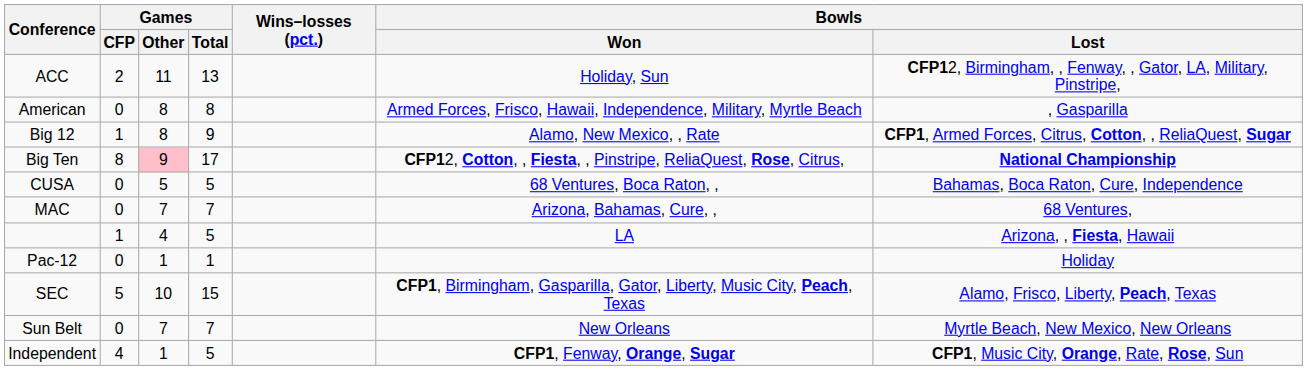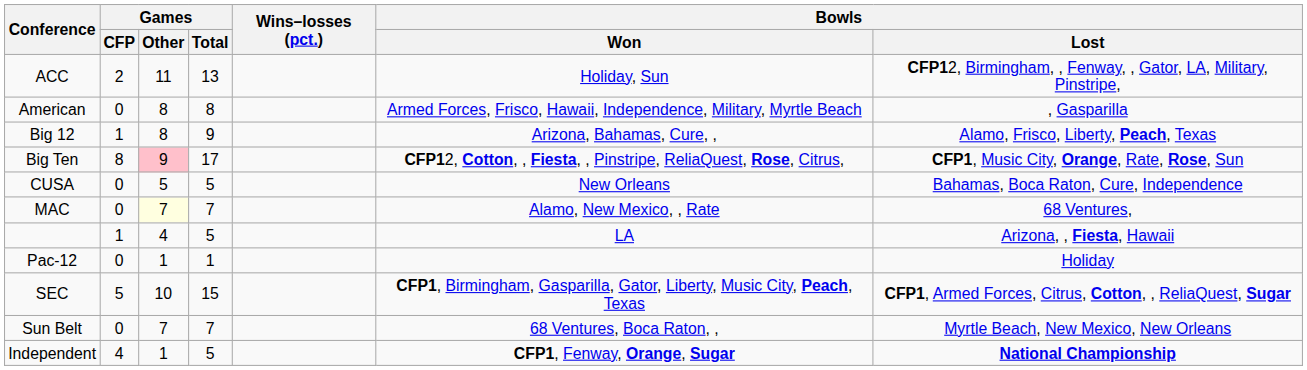 <table class="wikitable sortable" style="text-align:center; font-size: 95%;">
 <tr>
 <th rowspan=2>Conference</th>
 <th colspan=3>Games</th>
 <th rowspan=2>Wins–losses (<a href='#'>pct.</a>)</th>
 <th colspan=3>Bowls</th>
 </tr>
 <tr>
 <th>CFP</th>
 <th>Other</th>
 <th>Total</th>
 <th class=unsortable>Won</th>
 <th class=unsortable>Lost</th>
 </tr>
 <tr>
 <td>ACC</td>
 <td>2</td>
 <td>11</td>
 <td>13</td>
 <td></td>
 <td><a href='#'>Holiday</a>, <a href='#'>Sun</a></td>
 <td><strong>CFP1</strong>2, <a href='#'>Birmingham</a>, , <a href='#'>Fenway</a>, , <a href='#'>Gator</a>, <a href='#'>LA</a>, <a href='#'>Military</a>, <a href='#'>Pinstripe</a>, </td>
 </tr>
 <tr>
 <td>American</td>
 <td>0</td>
 <td>8</td>
 <td>8</td>
 <td></td>
 <td><a href='#'>Armed Forces</a>, <a href='#'>Frisco</a>, <a href='#'>Hawaii</a>, <a href='#'>Independence</a>, <a href='#'>Military</a>, <a href='#'>Myrtle Beach</a></td>
 <td>, <a href='#'>Gasparilla</a></td>
 </tr>
 <tr>
 <td>Big 12</td>
 <td>1</td>
 <td>8</td>
 <td>9</td>
 <td></td>
-<td><a href='#'>Alamo</a>, <a href='#'>New Mexico</a>, , <a href='#'>Rate</a></td>
-<td><strong>CFP1</strong>, <a href='#'>Armed Forces</a>, <a href='#'>Citrus</a>, <strong><a href='#'>Cotton</a></strong>, , <a href='#'>ReliaQuest</a>, <strong><a href='#'>Sugar</a></strong></td>
+<td><a href='#'>Arizona</a>, <a href='#'>Bahamas</a>, <a href='#'>Cure</a>, , </td>
+<td><a href='#'>Alamo</a>, <a href='#'>Frisco</a>, <a href='#'>Liberty</a>, <strong><a href='#'>Peach</a></strong>, <a href='#'>Texas</a></td>
 </tr>
 <tr>
 <td>Big Ten</td>
 <td>8</td>
 <td style="background: pink;">9</td>
 <td>17</td>
 <td></td>
 <td><strong>CFP1</strong>2, <strong><a href='#'>Cotton</a></strong>, , <strong><a href='#'>Fiesta</a></strong>, , <a href='#'>Pinstripe</a>, <a href='#'>ReliaQuest</a>, <strong><a href='#'>Rose</a></strong>, <a href='#'>Citrus</a>, </td>
-<td><strong><a href='#'>National Championship</a></strong></td>
+<td><strong>CFP1</strong>, <a href='#'>Music City</a>, <strong><a href='#'>Orange</a></strong>, <a href='#'>Rate</a>, <strong><a href='#'>Rose</a></strong>, <a href='#'>Sun</a></td>
 </tr>
 <tr>
 <td>CUSA</td>
 <td>0</td>
 <td>5</td>
 <td>5</td>
 <td></td>
-<td><a href='#'>68 Ventures</a>, <a href='#'>Boca Raton</a>, , </td>
+<td><a href='#'>New Orleans</a></td>
 <td><a href='#'>Bahamas</a>, <a href='#'>Boca Raton</a>, <a href='#'>Cure</a>, <a href='#'>Independence</a></td>
 </tr>
 <tr>
 <td>MAC</td>
 <td>0</td>
-<td>7</td>
+<td style="background: lightyellow;">7</td>
 <td>7</td>
 <td></td>
-<td><a href='#'>Arizona</a>, <a href='#'>Bahamas</a>, <a href='#'>Cure</a>, , </td>
+<td><a href='#'>Alamo</a>, <a href='#'>New Mexico</a>, , <a href='#'>Rate</a></td>
 <td><a href='#'>68 Ventures</a>, </td>
 </tr>
 <tr>
 <td></td>
 <td>1</td>
 <td>4</td>
 <td>5</td>
 <td></td>
 <td><a href='#'>LA</a></td>
 <td><a href='#'>Arizona</a>, , <strong><a href='#'>Fiesta</a></strong>, <a href='#'>Hawaii</a></td>
 </tr>
 <tr>
 <td>Pac-12</td>
 <td>0</td>
 <td>1</td>
 <td>1</td>
 <td></td>
 <td></td>
 <td><a href='#'>Holiday</a></td>
 </tr>
 <tr>
 <td>SEC</td>
 <td>5</td>
 <td>10</td>
 <td>15</td>
 <td></td>
 <td><strong>CFP1</strong>, <a href='#'>Birmingham</a>, <a href='#'>Gasparilla</a>, <a href='#'>Gator</a>, <a href='#'>Liberty</a>, <a href='#'>Music City</a>, <strong><a href='#'>Peach</a></strong>, <a href='#'>Texas</a></td>
-<td><a href='#'>Alamo</a>, <a href='#'>Frisco</a>, <a href='#'>Liberty</a>, <strong><a href='#'>Peach</a></strong>, <a href='#'>Texas</a></td>
+<td><strong>CFP1</strong>, <a href='#'>Armed Forces</a>, <a href='#'>Citrus</a>, <strong><a href='#'>Cotton</a></strong>, , <a href='#'>ReliaQuest</a>, <strong><a href='#'>Sugar</a></strong></td>
 </tr>
 <tr>
 <td>Sun Belt</td>
 <td>0</td>
 <td>7</td>
 <td>7</td>
 <td></td>
-<td><a href='#'>New Orleans</a></td>
+<td><a href='#'>68 Ventures</a>, <a href='#'>Boca Raton</a>, , </td>
 <td><a href='#'>Myrtle Beach</a>, <a href='#'>New Mexico</a>, <a href='#'>New Orleans</a></td>
 </tr>
 <tr>
 <td>Independent</td>
 <td>4</td>
 <td>1</td>
 <td>5</td>
 <td></td>
 <td><strong>CFP1</strong>, <a href='#'>Fenway</a>, <strong><a href='#'>Orange</a></strong>, <strong><a href='#'>Sugar</a></strong></td>
-<td><strong>CFP1</strong>, <a href='#'>Music City</a>, <strong><a href='#'>Orange</a></strong>, <a href='#'>Rate</a>, <strong><a href='#'>Rose</a></strong>, <a href='#'>Sun</a></td>
+<td><strong><a href='#'>National Championship</a></strong></td>
 </tr>
 </table>
